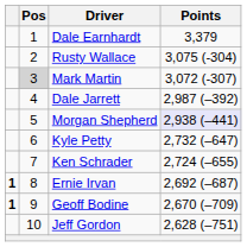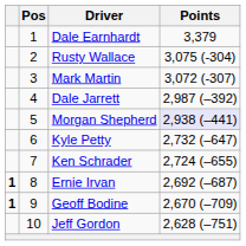 <table class="wikitable" style="font-size: 95%;">
 <tr>
 <th></th>
 <th>Pos</th>
 <th>Driver</th>
 <th>Points</th>
 </tr>
 <tr>
 <td align="left"></td>
 <td style="text-align:center;">1</td>
 <td><a href='#'>Dale Earnhardt</a></td>
 <td style="text-align:center;">3,379</td>
 </tr>
 <tr>
 <td align="left"></td>
 <td style="text-align:center;">2</td>
 <td><a href='#'>Rusty Wallace</a></td>
 <td style="text-align:center;">3,075 (-304)</td>
 </tr>
 <tr>
 <td align="left"></td>
-<td style="background: lightgrey; text-align:center;">3</td>
+<td style="text-align:center;">3</td>
 <td><a href='#'>Mark Martin</a></td>
 <td style="text-align:center;">3,072 (-307)</td>
 </tr>
 <tr>
 <td align="left"></td>
 <td style="text-align:center;">4</td>
 <td><a href='#'>Dale Jarrett</a></td>
 <td style="text-align:center;">2,987 (–392)</td>
 </tr>
 <tr>
 <td align="left"></td>
 <td style="text-align:center;">5</td>
 <td><a href='#'>Morgan Shepherd</a></td>
 <td style="background: lavender; text-align:center;">2,938 (–441)</td>
 </tr>
 <tr>
 <td align="left"></td>
 <td style="text-align:center;">6</td>
 <td><a href='#'>Kyle Petty</a></td>
 <td style="text-align:center;">2,732 (–647)</td>
 </tr>
 <tr>
 <td align="left"></td>
 <td style="text-align:center;">7</td>
 <td><a href='#'>Ken Schrader</a></td>
 <td style="text-align:center;">2,724 (–655)</td>
 </tr>
 <tr>
 <td align="left"> <strong>1</strong></td>
 <td style="text-align:center;">8</td>
 <td><a href='#'>Ernie Irvan</a></td>
 <td style="text-align:center;">2,692 (–687)</td>
 </tr>
 <tr>
 <td align="left"> <strong>1</strong></td>
 <td style="text-align:center;">9</td>
 <td><a href='#'>Geoff Bodine</a></td>
 <td style="text-align:center;">2,670 (–709)</td>
 </tr>
 <tr>
 <td align="left"></td>
 <td style="text-align:center;">10</td>
 <td><a href='#'>Jeff Gordon</a></td>
 <td style="text-align:center;">2,628 (–751)</td>
 </tr>
 <tr class="sortbottom">
 <th colspan="9"></th>
 </tr>
 </table>
